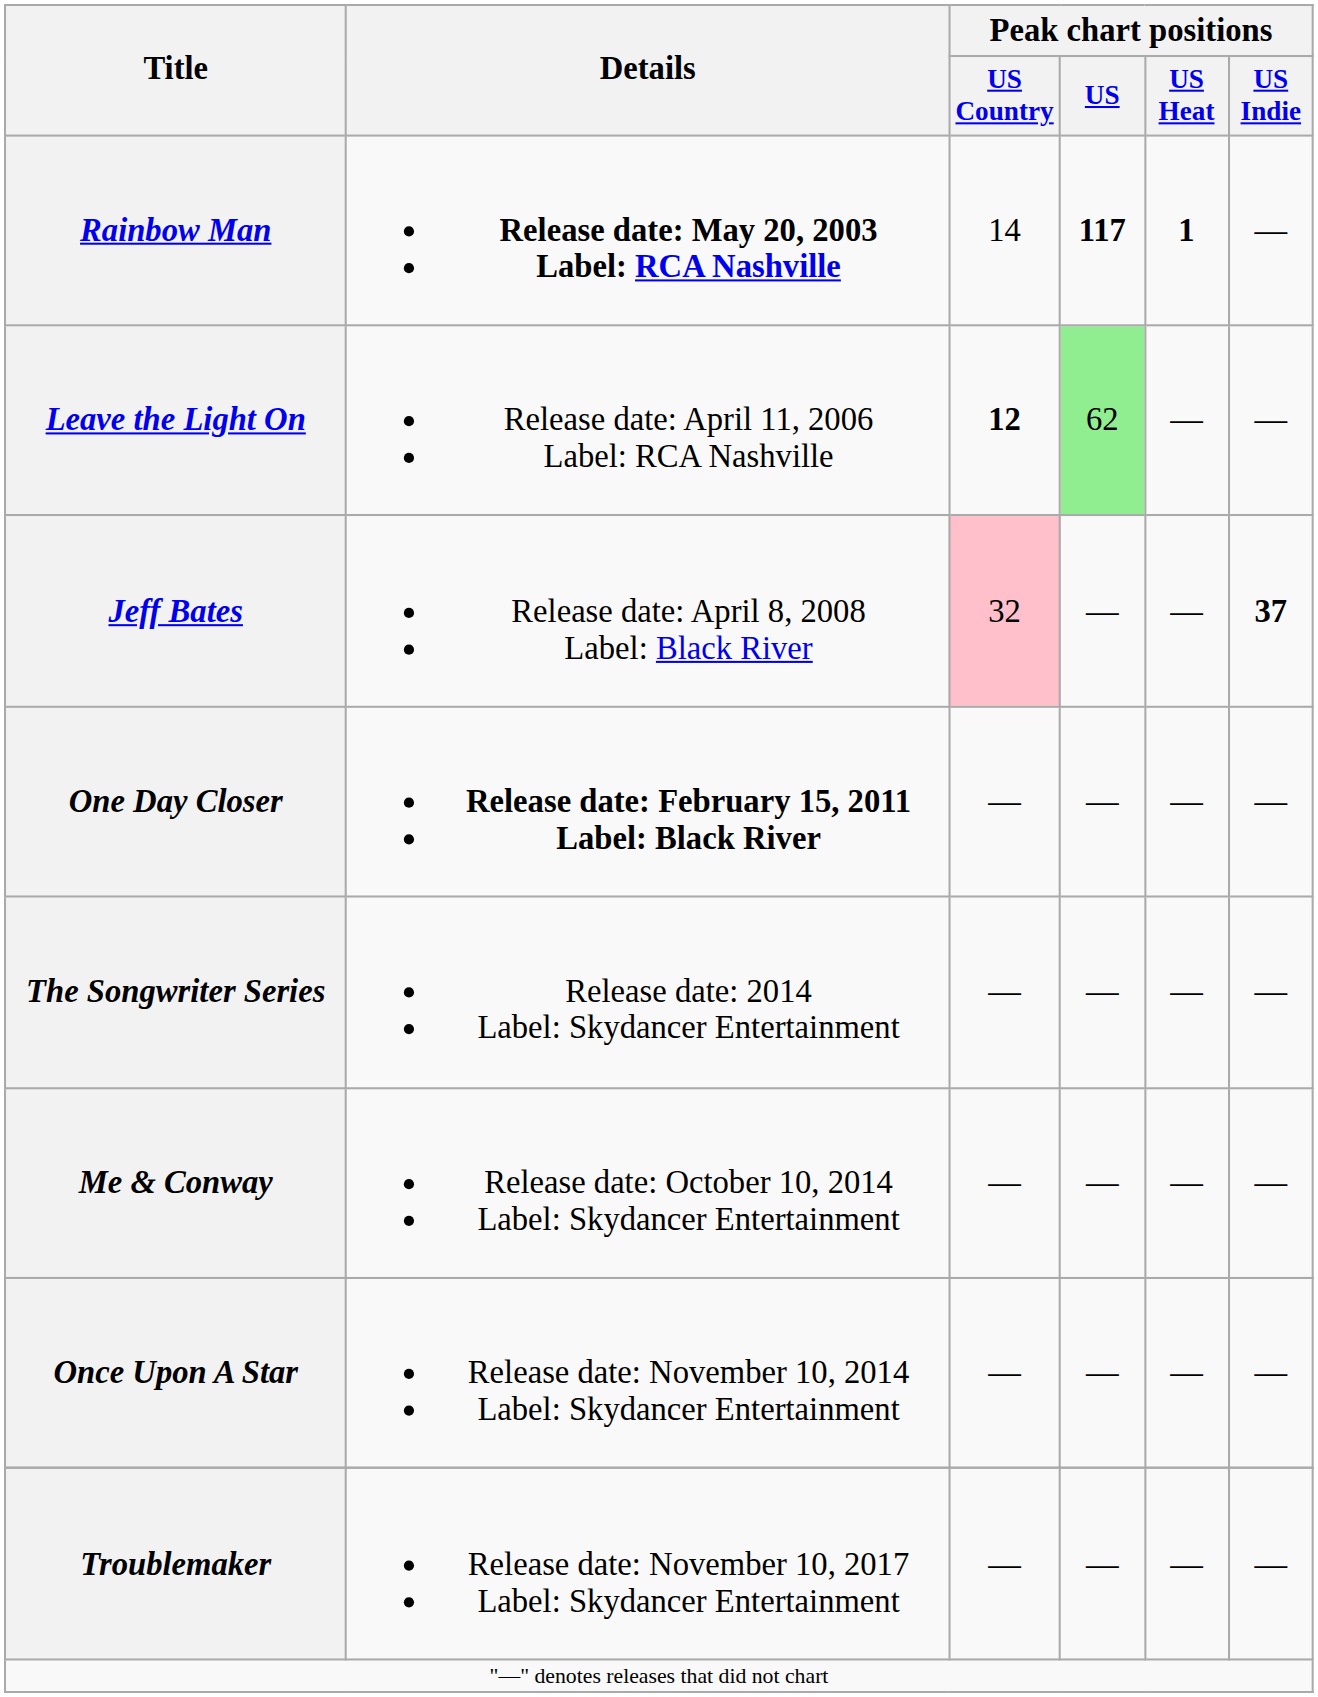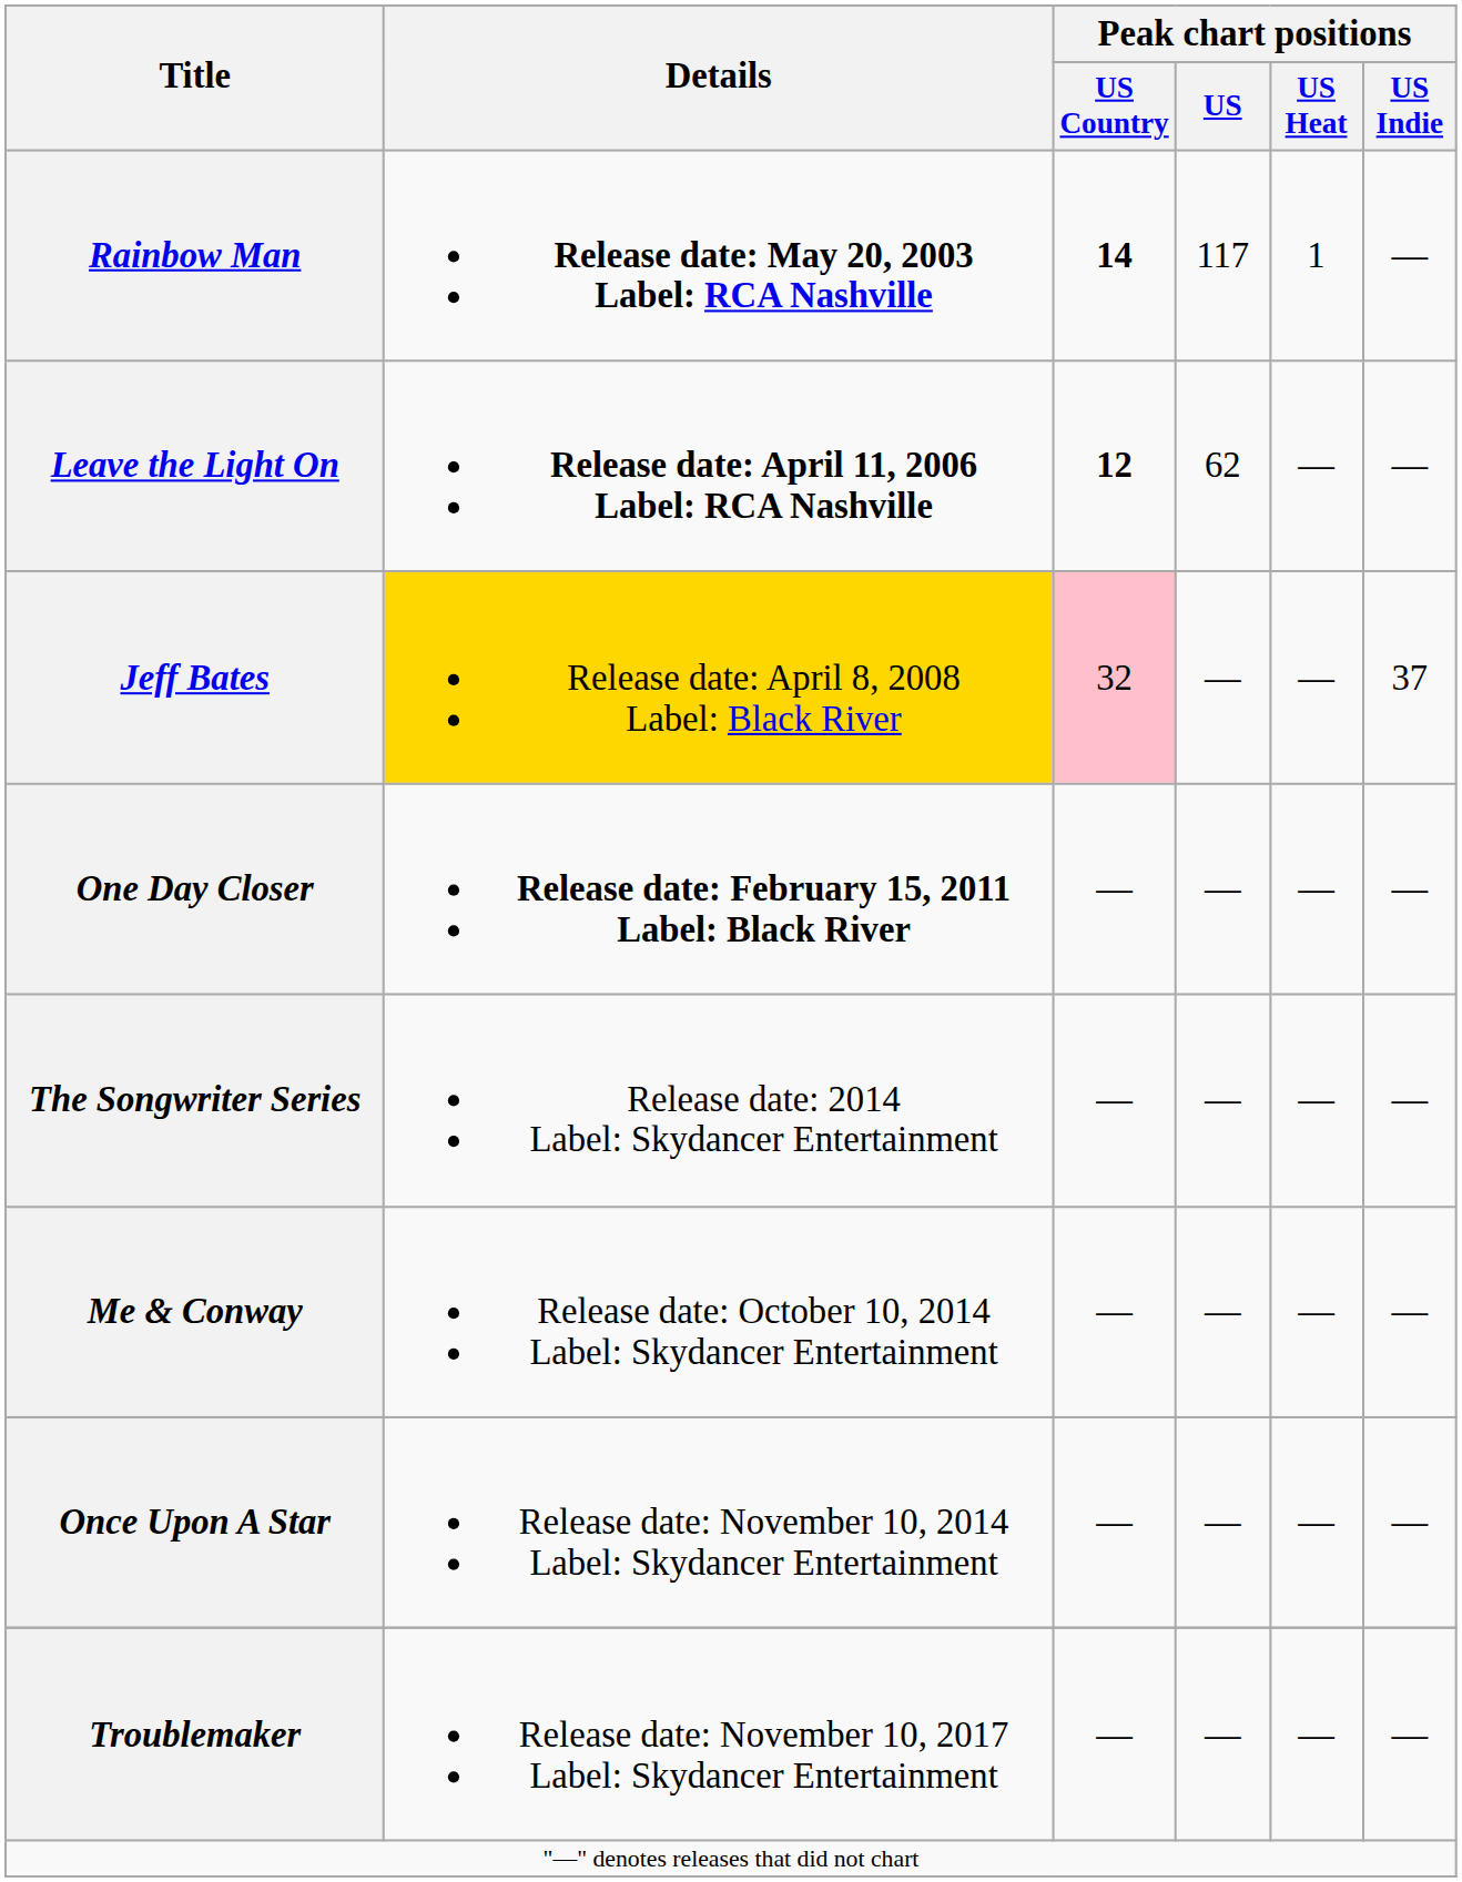 <table class="wikitable plainrowheaders" style="text-align:center;">
 <tr>
 <th rowspan="2" style="width:10em;">Title</th>
 <th rowspan="2" style="width:18em;">Details</th>
 <th colspan="4">Peak chart positions</th>
 </tr>
 <tr style="font-size:smaller;">
 <th width="35"><a href='#'>US Country</a><br></th>
 <th width="35"><a href='#'>US</a><br></th>
 <th width="35"><a href='#'>US Heat</a><br></th>
 <th width="35"><a href='#'>US Indie</a><br></th>
 </tr>
 <tr>
 <th scope="row"><em><a href='#'>Rainbow Man</a></em></th>
 <td><strong><br><ul><li>Release date: May 20, 2003</li><li>Label: <a href='#'>RCA Nashville</a></li></ul></strong></td>
-<td>14</td>
-<td><strong>117</strong></td>
-<td><strong>1</strong></td>
+<td><strong>14</strong></td>
+<td>117</td>
+<td>1</td>
 <td>—</td>
 </tr>
 <tr>
 <th scope="row"><em><a href='#'>Leave the Light On</a></em></th>
-<td><br><ul><li>Release date: April 11, 2006</li><li>Label: RCA Nashville</li></ul></td>
+<td><strong><br><ul><li>Release date: April 11, 2006</li><li>Label: RCA Nashville</li></ul></strong></td>
 <td><strong>12</strong></td>
-<td style="background: lightgreen;">62</td>
+<td>62</td>
 <td>—</td>
 <td>—</td>
 </tr>
 <tr>
 <th scope="row"><em><a href='#'>Jeff Bates</a></em></th>
-<td><br><ul><li>Release date: April 8, 2008</li><li>Label: <a href='#'>Black River</a></li></ul></td>
+<td style="background: gold;"><br><ul><li>Release date: April 8, 2008</li><li>Label: <a href='#'>Black River</a></li></ul></td>
 <td style="background: pink;">32</td>
 <td>—</td>
 <td>—</td>
-<td><strong>37</strong></td>
+<td>37</td>
 </tr>
 <tr>
 <th scope="row"><em>One Day Closer</em></th>
 <td><strong><br><ul><li>Release date: February 15, 2011</li><li>Label: Black River</li></ul></strong></td>
 <td>—</td>
 <td>—</td>
 <td>—</td>
 <td>—</td>
 </tr>
 <tr>
 <th scope="row"><em>The Songwriter Series</em></th>
 <td><br><ul><li>Release date: 2014</li><li>Label: Skydancer Entertainment</li></ul></td>
 <td>—</td>
 <td>—</td>
 <td>—</td>
 <td>—</td>
 </tr>
 <tr>
 <th scope="row"><em>Me & Conway</em></th>
 <td><br><ul><li>Release date: October 10, 2014</li><li>Label: Skydancer Entertainment</li></ul></td>
 <td>—</td>
 <td>—</td>
 <td>—</td>
 <td>—</td>
 </tr>
 <tr>
 </tr>
 <tr>
 <th scope="row"><em>Once Upon A Star</em></th>
 <td><br><ul><li>Release date: November 10, 2014</li><li>Label: Skydancer Entertainment</li></ul></td>
 <td>—</td>
 <td>—</td>
 <td>—</td>
 <td>—</td>
 </tr>
 <tr>
 </tr>
 <tr>
 <th scope="row"><em>Troublemaker</em></th>
 <td><br><ul><li>Release date: November 10, 2017</li><li>Label: Skydancer Entertainment</li></ul></td>
 <td>—</td>
 <td>—</td>
 <td>—</td>
 <td>—</td>
 </tr>
 <tr>
 <td colspan="10" style="font-size:8pt">"—" denotes releases that did not chart</td>
 </tr>
 <tr>
 </tr>
 </table>
